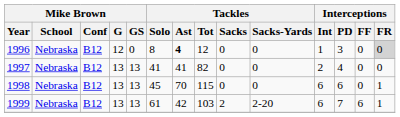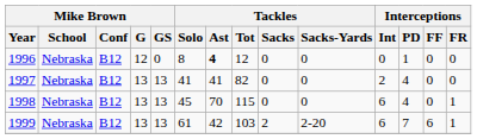 <table class="wikitable">
 <tr>
 <th colspan="5" style="text-align: center; font-weight:bold;">Mike Brown</th>
 <th colspan="5" style="text-align: center; font-weight:bold;">Tackles</th>
 <th colspan="4" style="text-align: center; font-weight:bold;">Interceptions</th>
 </tr>
 <tr>
 <th style="font-weight:bold;" style=>Year</th>
 <th style="font-weight:bold;" style=>School</th>
 <th style="font-weight:bold;" style=>Conf</th>
 <th style="font-weight:bold;" style=>G</th>
 <th style="font-weight:bold;" style=>GS</th>
 <th style="font-weight:bold;" style=>Solo</th>
 <th style="font-weight:bold;" style=>Ast</th>
 <th style="font-weight:bold;" style=>Tot</th>
 <th style="font-weight:bold;" style=>Sacks</th>
 <th style="font-weight:bold;" style=>Sacks-Yards</th>
 <th style="font-weight:bold;" style=>Int</th>
 <th style="font-weight:bold;" style=>PD</th>
 <th style="font-weight:bold;" style=>FF</th>
 <th style="font-weight:bold;" style=>FR</th>
 </tr>
 <tr>
 <td><a href='#'>1996</a></td>
 <td><a href='#'>Nebraska</a></td>
 <td><a href='#'>B12</a></td>
 <td>12</td>
 <td>0</td>
 <td>8</td>
 <td><strong>4</strong></td>
 <td>12</td>
 <td>0</td>
 <td>0</td>
+<td>0</td>
 <td>1</td>
-<td>3</td>
 <td>0</td>
-<td style="background: lightgrey;">0</td>
+<td>0</td>
 </tr>
 <tr>
 <td><a href='#'>1997</a></td>
 <td><a href='#'>Nebraska</a></td>
 <td><a href='#'>B12</a></td>
 <td>13</td>
 <td>13</td>
 <td>41</td>
 <td>41</td>
 <td>82</td>
 <td>0</td>
 <td>0</td>
 <td>2</td>
 <td>4</td>
 <td>0</td>
 <td>0</td>
 </tr>
 <tr>
 <td><a href='#'>1998</a></td>
 <td><a href='#'>Nebraska</a></td>
 <td><a href='#'>B12</a></td>
 <td>13</td>
 <td>13</td>
 <td>45</td>
 <td>70</td>
 <td>115</td>
 <td>0</td>
 <td>0</td>
 <td>6</td>
-<td>6</td>
+<td>4</td>
 <td>0</td>
 <td>1</td>
 </tr>
 <tr>
 <td><a href='#'>1999</a></td>
 <td><a href='#'>Nebraska</a></td>
 <td><a href='#'>B12</a></td>
 <td>13</td>
 <td>13</td>
 <td>61</td>
 <td>42</td>
 <td>103</td>
 <td>2</td>
 <td>2-20</td>
 <td>6</td>
 <td>7</td>
 <td>6</td>
 <td>1</td>
 </tr>
 <tr>
 </tr>
 </table>
